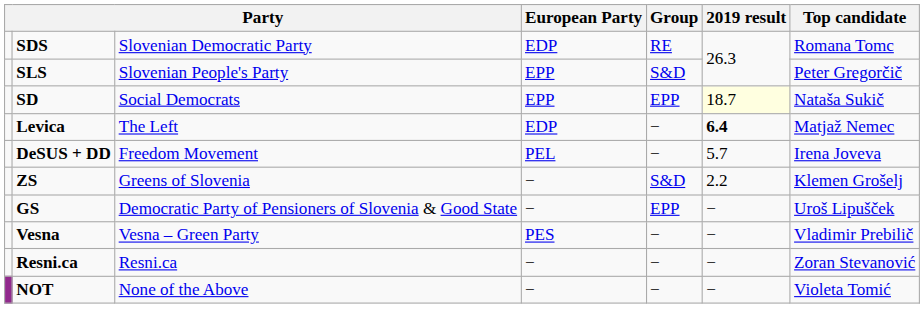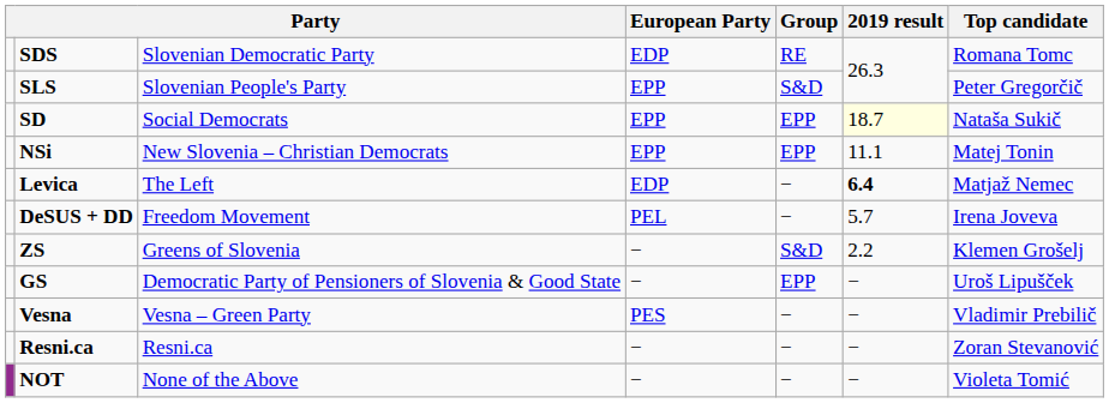 <table class="wikitable">
 <tr>
 <th colspan="3">Party</th>
 <th>European Party</th>
 <th>Group</th>
 <th>2019 result</th>
 <th>Top candidate</th>
 </tr>
 <tr>
 <td style="background:"></td>
 <td><strong>SDS</strong></td>
 <td><a href='#'>Slovenian Democratic Party</a></td>
 <td><a href='#'>EDP</a></td>
 <td><a href='#'>RE</a></td>
 <td rowspan=2>26.3</td>
 <td><a href='#'>Romana Tomc</a></td>
 </tr>
 <tr>
 <td style="background:"></td>
 <td><strong>SLS</strong></td>
 <td><a href='#'>Slovenian People's Party</a></td>
 <td><a href='#'>EPP</a></td>
 <td><a href='#'>S&D</a></td>
 <td><a href='#'>Peter Gregorčič</a></td>
 </tr>
 <tr>
 <td style="background:"></td>
 <td><strong>SD</strong></td>
 <td><a href='#'>Social Democrats</a></td>
 <td><a href='#'>EPP</a></td>
 <td><a href='#'>EPP</a></td>
 <td style="background: lightyellow;">18.7</td>
 <td><a href='#'>Nataša Sukič</a></td>
+</tr>
+<tr>
+<td style="background:"></td>
+<td><strong>NSi</strong></td>
+<td><a href='#'>New Slovenia – Christian Democrats</a></td>
+<td><a href='#'>EPP</a></td>
+<td><a href='#'>EPP</a></td>
+<td>11.1</td>
+<td><a href='#'>Matej Tonin</a></td>
 </tr>
 <tr>
 <td style="background:"></td>
 <td><strong>Levica</strong></td>
 <td><a href='#'>The Left</a></td>
 <td><a href='#'>EDP</a></td>
 <td>−</td>
 <td><strong>6.4</strong></td>
 <td><a href='#'>Matjaž Nemec</a></td>
 </tr>
 <tr>
 <td style="background:"></td>
 <td><strong>DeSUS + DD</strong></td>
 <td><a href='#'>Freedom Movement</a></td>
 <td><a href='#'>PEL</a></td>
 <td>−</td>
 <td>5.7</td>
 <td><a href='#'>Irena Joveva</a></td>
 </tr>
 <tr>
 <td style="background:"></td>
 <td><strong>ZS</strong></td>
 <td><a href='#'>Greens of Slovenia</a></td>
 <td>−</td>
 <td><a href='#'>S&D</a></td>
 <td>2.2</td>
 <td><a href='#'>Klemen Grošelj</a></td>
 </tr>
 <tr>
 <td style="background:"></td>
 <td><strong>GS</strong></td>
 <td><a href='#'>Democratic Party of Pensioners of Slovenia</a> & <a href='#'>Good State</a></td>
 <td>−</td>
 <td><a href='#'>EPP</a></td>
 <td>−</td>
 <td><a href='#'>Uroš Lipušček</a></td>
 </tr>
 <tr>
 <td style="background:"></td>
 <td><strong>Vesna</strong></td>
 <td><a href='#'>Vesna – Green Party</a></td>
 <td><a href='#'>PES</a></td>
 <td>−</td>
 <td>−</td>
 <td><a href='#'>Vladimir Prebilič</a></td>
 </tr>
 <tr>
 <td style="background:"></td>
 <td><strong>Resni.ca</strong></td>
 <td><a href='#'>Resni.ca</a></td>
 <td>−</td>
 <td>−</td>
 <td>−</td>
 <td><a href='#'>Zoran Stevanović</a></td>
 </tr>
 <tr>
 <td style="background:#91298D"></td>
 <td><strong>NOT</strong></td>
 <td><a href='#'>None of the Above</a></td>
 <td>−</td>
 <td>−</td>
 <td>−</td>
 <td><a href='#'>Violeta Tomić</a></td>
 </tr>
 </table>
